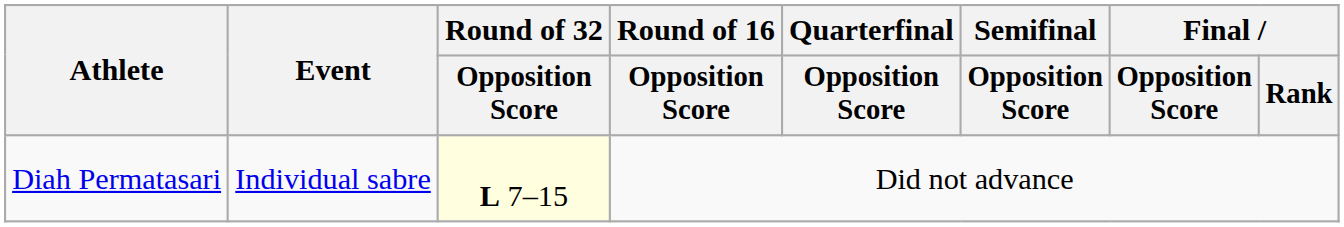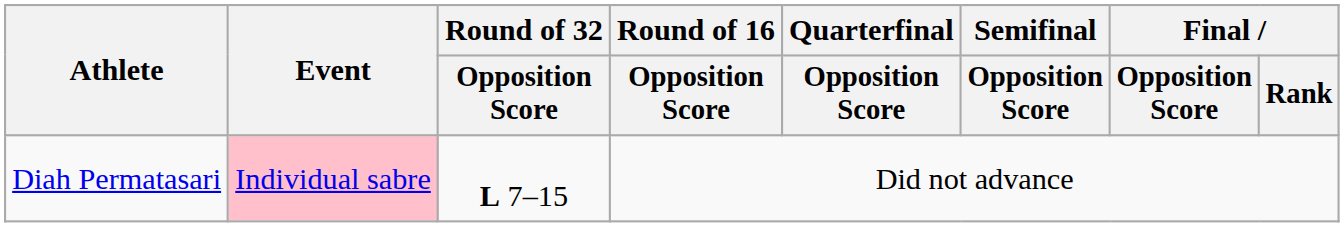 <table class="wikitable" style="font-size:90%">
 <tr>
 <th rowspan="2">Athlete</th>
 <th rowspan="2">Event</th>
 <th>Round of 32</th>
 <th>Round of 16</th>
 <th>Quarterfinal</th>
 <th>Semifinal</th>
 <th colspan=2>Final / </th>
 </tr>
 <tr style="font-size:95%">
 <th>Opposition <br> Score</th>
 <th>Opposition <br> Score</th>
 <th>Opposition <br> Score</th>
 <th>Opposition <br> Score</th>
 <th>Opposition <br> Score</th>
 <th>Rank</th>
 </tr>
 <tr align=center>
 <td align=left><a href='#'>Diah Permatasari</a></td>
-<td align=left><a href='#'>Individual sabre</a></td>
-<td style="background: lightyellow;"> <br> <strong>L</strong> 7–15</td>
+<td align=left style="background: pink;"><a href='#'>Individual sabre</a></td>
+<td> <br> <strong>L</strong> 7–15</td>
 <td colspan=5>Did not advance</td>
 </tr>
 </table>
